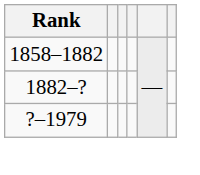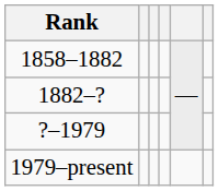 <table class="wikitable" style="text-align:center;">
 <tr>
 <th>Rank</th>
 <th></th>
 <th></th>
 <th></th>
 <th></th>
 <th></th>
 </tr>
 <tr>
 <td>1858–1882</td>
 <td></td>
 <td></td>
 <td></td>
 <td rowspan=3 style="background: #ececec">—</td>
 <td></td>
 </tr>
 <tr>
 <td>1882–?</td>
 <td></td>
 <td></td>
 <td></td>
 <td></td>
 </tr>
 <tr>
 <td>?–1979</td>
 <td></td>
 <td></td>
 <td></td>
 <td></td>
 </tr>
+<tr>
+<td>1979–present</td>
+<td></td>
+<td></td>
+<td></td>
+<td></td>
+<td></td>
+</tr>
 </table>
